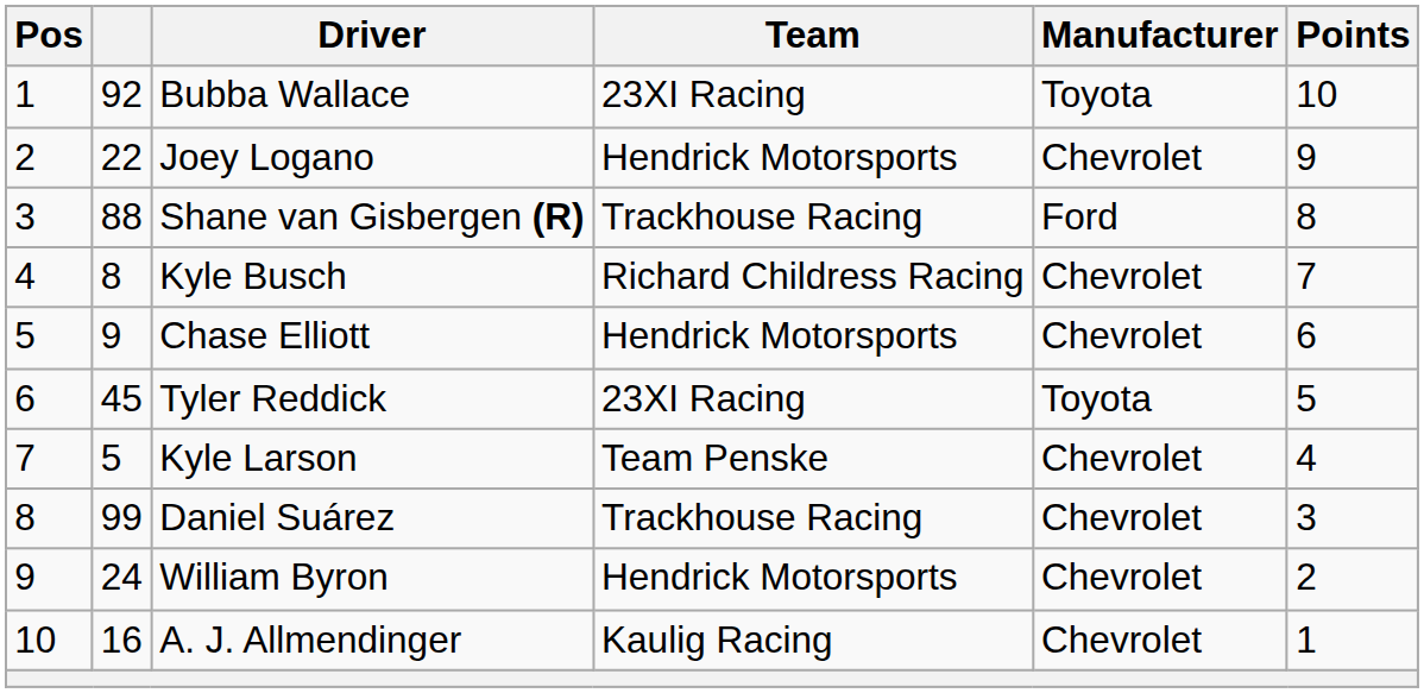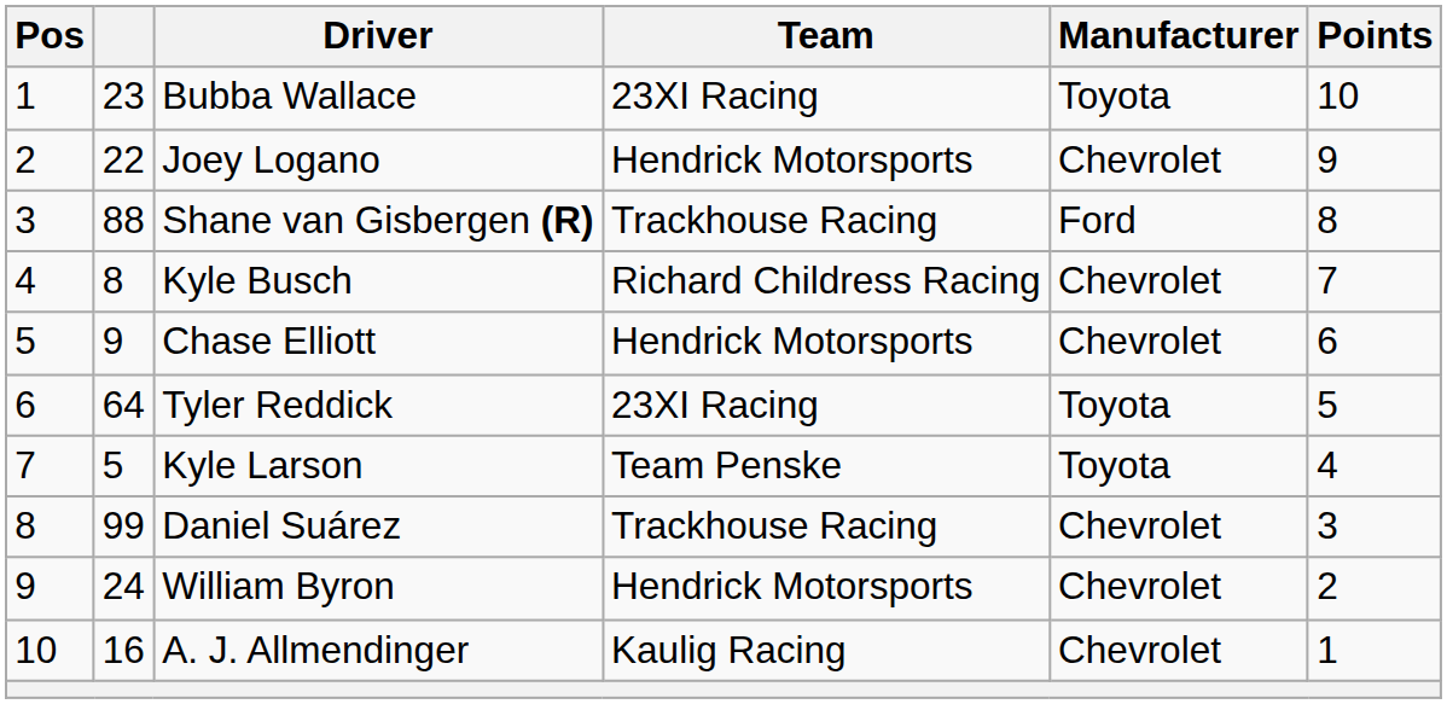 <table class="wikitable" style="font-size:98%">
 <tr>
 <th>Pos</th>
 <th></th>
 <th>Driver</th>
 <th>Team</th>
 <th>Manufacturer</th>
 <th>Points</th>
 </tr>
 <tr>
 <td>1</td>
-<td>92</td>
+<td>23</td>
 <td>Bubba Wallace</td>
 <td>23XI Racing</td>
 <td>Toyota</td>
 <td>10</td>
 </tr>
 <tr>
 <td>2</td>
 <td>22</td>
 <td>Joey Logano</td>
 <td>Hendrick Motorsports</td>
 <td>Chevrolet</td>
 <td>9</td>
 </tr>
 <tr>
 <td>3</td>
 <td>88</td>
 <td>Shane van Gisbergen <strong>(R)</strong></td>
 <td>Trackhouse Racing</td>
 <td>Ford</td>
 <td>8</td>
 </tr>
 <tr>
 <td>4</td>
 <td>8</td>
 <td>Kyle Busch</td>
 <td>Richard Childress Racing</td>
 <td>Chevrolet</td>
 <td>7</td>
 </tr>
 <tr>
 <td>5</td>
 <td>9</td>
 <td>Chase Elliott</td>
 <td>Hendrick Motorsports</td>
 <td>Chevrolet</td>
 <td>6</td>
 </tr>
 <tr>
 <td>6</td>
-<td>45</td>
+<td>64</td>
 <td>Tyler Reddick</td>
 <td>23XI Racing</td>
 <td>Toyota</td>
 <td>5</td>
 </tr>
 <tr>
 <td>7</td>
 <td>5</td>
 <td>Kyle Larson</td>
 <td>Team Penske</td>
-<td>Chevrolet</td>
+<td>Toyota</td>
 <td>4</td>
 </tr>
 <tr>
 <td>8</td>
 <td>99</td>
 <td>Daniel Suárez</td>
 <td>Trackhouse Racing</td>
 <td>Chevrolet</td>
 <td>3</td>
 </tr>
 <tr>
 <td>9</td>
 <td>24</td>
 <td>William Byron</td>
 <td>Hendrick Motorsports</td>
 <td>Chevrolet</td>
 <td>2</td>
 </tr>
 <tr>
 <td>10</td>
 <td>16</td>
 <td>A. J. Allmendinger</td>
 <td>Kaulig Racing</td>
 <td>Chevrolet</td>
 <td>1</td>
 </tr>
 <tr>
 <th colspan="6"></th>
 </tr>
 </table>
